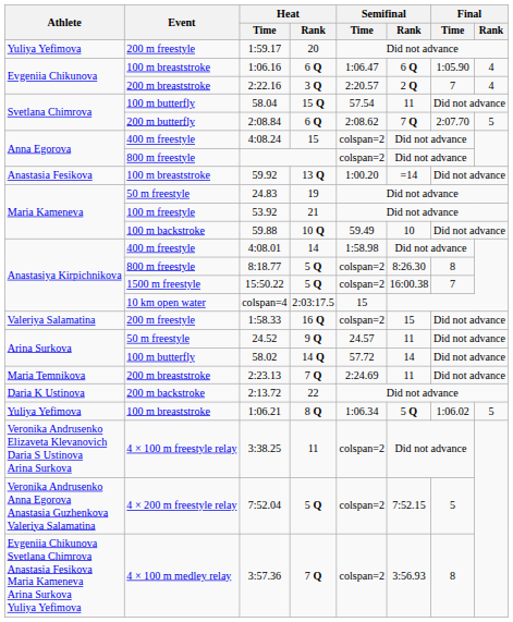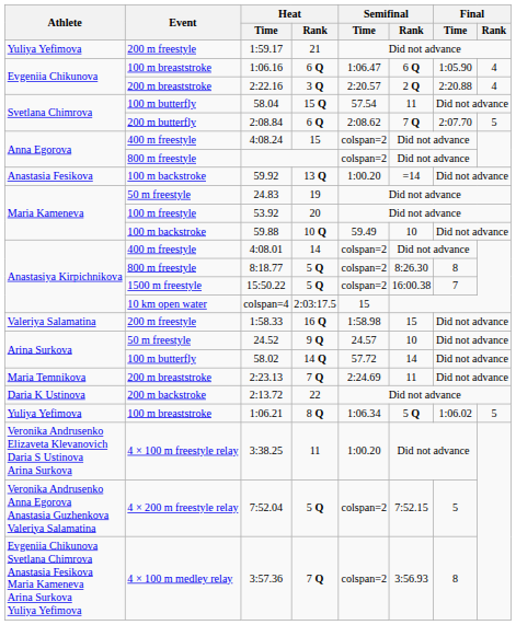 <table class=wikitable style="text-align:center; font-size:90%">
 <tr>
 <th rowspan=2>Athlete</th>
 <th rowspan=2>Event</th>
 <th colspan=2>Heat</th>
 <th colspan=2>Semifinal</th>
 <th colspan=2>Final</th>
 </tr>
 <tr style="font-size:95%">
 <th>Time</th>
 <th>Rank</th>
 <th>Time</th>
 <th>Rank</th>
 <th>Time</th>
 <th>Rank</th>
 </tr>
 <tr>
 <td align=left><a href='#'>Yuliya Yefimova</a></td>
 <td align=left><a href='#'>200 m freestyle</a></td>
 <td>1:59.17</td>
-<td>20</td>
+<td>21</td>
 <td colspan="4">Did not advance</td>
 </tr>
 <tr>
 <td align=left rowspan=2><a href='#'>Evgeniia Chikunova</a></td>
 <td align=left><a href='#'>100 m breaststroke</a></td>
 <td>1:06.16</td>
 <td>6 <strong>Q</strong></td>
 <td>1:06.47</td>
 <td>6 <strong>Q</strong></td>
 <td>1:05.90</td>
 <td>4</td>
 </tr>
 <tr>
 <td align=left><a href='#'>200 m breaststroke</a></td>
 <td>2:22.16</td>
 <td>3 <strong>Q</strong></td>
 <td>2:20.57</td>
 <td>2 <strong>Q</strong></td>
-<td>7</td>
+<td>2:20.88</td>
 <td>4</td>
 </tr>
 <tr>
 <td align=left rowspan=2><a href='#'>Svetlana Chimrova</a></td>
 <td align=left><a href='#'>100 m butterfly</a></td>
 <td>58.04</td>
 <td>15 <strong>Q</strong></td>
 <td>57.54</td>
 <td>11</td>
 <td colspan="2">Did not advance</td>
 </tr>
 <tr>
 <td align=left><a href='#'>200 m butterfly</a></td>
 <td>2:08.84</td>
 <td>6 <strong>Q</strong></td>
 <td>2:08.62</td>
 <td>7 <strong>Q</strong></td>
 <td>2:07.70</td>
 <td>5</td>
 </tr>
 <tr>
 <td align=left rowspan=2><a href='#'>Anna Egorova</a></td>
 <td align=left><a href='#'>400 m freestyle</a></td>
 <td>4:08.24</td>
 <td>15</td>
 <td>colspan=2 </td>
 <td colspan="2">Did not advance</td>
 </tr>
 <tr>
 <td align=left><a href='#'>800 m freestyle</a></td>
 <td colspan=2></td>
 <td>colspan=2 </td>
 <td colspan="2">Did not advance</td>
 </tr>
 <tr>
 <td align=left><a href='#'>Anastasia Fesikova</a></td>
-<td align=left><a href='#'>100 m breaststroke</a></td>
+<td align=left><a href='#'>100 m backstroke</a></td>
 <td>59.92</td>
 <td>13 <strong>Q</strong></td>
 <td>1:00.20</td>
 <td>=14</td>
 <td colspan="2">Did not advance</td>
 </tr>
 <tr>
 <td align=left rowspan=3><a href='#'>Maria Kameneva</a></td>
 <td align=left><a href='#'>50 m freestyle</a></td>
 <td>24.83</td>
 <td>19</td>
 <td colspan="4">Did not advance</td>
 </tr>
 <tr>
 <td align=left><a href='#'>100 m freestyle</a></td>
 <td>53.92</td>
-<td>21</td>
+<td>20</td>
 <td colspan="4">Did not advance</td>
 </tr>
 <tr>
 <td align=left><a href='#'>100 m backstroke</a></td>
 <td>59.88</td>
 <td>10 <strong>Q</strong></td>
 <td>59.49</td>
 <td>10</td>
 <td colspan="2">Did not advance</td>
 </tr>
 <tr>
 <td align=left rowspan=4><a href='#'>Anastasiya Kirpichnikova</a></td>
 <td align=left><a href='#'>400 m freestyle</a></td>
 <td>4:08.01</td>
 <td>14</td>
-<td>1:58.98</td>
+<td>colspan=2 </td>
 <td colspan="2">Did not advance</td>
 </tr>
 <tr>
 <td align=left><a href='#'>800 m freestyle</a></td>
 <td>8:18.77</td>
 <td>5 <strong>Q</strong></td>
 <td>colspan=2 </td>
 <td>8:26.30</td>
 <td>8</td>
 </tr>
 <tr>
 <td align=left><a href='#'>1500 m freestyle</a></td>
 <td>15:50.22</td>
 <td>5 <strong>Q</strong></td>
 <td>colspan=2 </td>
 <td>16:00.38</td>
 <td>7</td>
 </tr>
 <tr>
 <td align=left><a href='#'>10 km open water</a></td>
 <td>colspan=4 </td>
 <td>2:03:17.5</td>
 <td>15</td>
 </tr>
 <tr>
 <td align=left><a href='#'>Valeriya Salamatina</a></td>
 <td align=left><a href='#'>200 m freestyle</a></td>
 <td>1:58.33</td>
 <td>16 <strong>Q</strong></td>
-<td>colspan=2 </td>
+<td>1:58.98</td>
 <td>15</td>
 <td colspan="2">Did not advance</td>
 </tr>
 <tr>
 <td align=left rowspan=2><a href='#'>Arina Surkova</a></td>
 <td align=left><a href='#'>50 m freestyle</a></td>
 <td>24.52</td>
 <td>9 <strong>Q</strong></td>
 <td>24.57</td>
-<td>11</td>
+<td>10</td>
 <td colspan="2">Did not advance</td>
 </tr>
 <tr>
 <td align=left><a href='#'>100 m butterfly</a></td>
 <td>58.02</td>
 <td>14 <strong>Q</strong></td>
 <td>57.72</td>
 <td>14</td>
 <td colspan="2">Did not advance</td>
 </tr>
 <tr>
 <td align=left><a href='#'>Maria Temnikova</a></td>
 <td align=left><a href='#'>200 m breaststroke</a></td>
 <td>2:23.13</td>
 <td>7 <strong>Q</strong></td>
 <td>2:24.69</td>
 <td>11</td>
 <td colspan="2">Did not advance</td>
 </tr>
 <tr>
 <td align=left><a href='#'>Daria K Ustinova</a></td>
 <td align=left><a href='#'>200 m backstroke</a></td>
 <td>2:13.72</td>
 <td>22</td>
 <td colspan="4">Did not advance</td>
 </tr>
 <tr>
 <td align=left><a href='#'>Yuliya Yefimova</a></td>
 <td align=left><a href='#'>100 m breaststroke</a></td>
 <td>1:06.21</td>
 <td>8 <strong>Q</strong></td>
 <td>1:06.34</td>
 <td>5 <strong>Q</strong></td>
 <td>1:06.02</td>
 <td>5</td>
 </tr>
 <tr>
 <td align=left><a href='#'>Veronika Andrusenko</a><br><a href='#'>Elizaveta Klevanovich</a><br><a href='#'>Daria S Ustinova</a><br><a href='#'>Arina Surkova</a></td>
 <td align=left><a href='#'>4 × 100 m freestyle relay</a></td>
 <td>3:38.25</td>
 <td>11</td>
-<td>colspan=2 </td>
+<td>1:00.20</td>
 <td colspan="2">Did not advance</td>
 </tr>
 <tr>
 <td align=left><a href='#'>Veronika Andrusenko</a><br><a href='#'>Anna Egorova</a><br><a href='#'>Anastasia Guzhenkova</a><br><a href='#'>Valeriya Salamatina</a></td>
 <td align=left><a href='#'>4 × 200 m freestyle relay</a></td>
 <td>7:52.04</td>
 <td>5 <strong>Q</strong></td>
 <td>colspan=2 </td>
 <td>7:52.15</td>
 <td>5</td>
 </tr>
 <tr>
 <td align=left><a href='#'>Evgeniia Chikunova</a><br><a href='#'>Svetlana Chimrova</a><br><a href='#'>Anastasia Fesikova</a><br><a href='#'>Maria Kameneva</a><br><a href='#'>Arina Surkova</a><br><a href='#'>Yuliya Yefimova</a></td>
 <td align=left><a href='#'>4 × 100 m medley relay</a></td>
 <td>3:57.36</td>
 <td>7 <strong>Q</strong></td>
 <td>colspan=2 </td>
 <td>3:56.93</td>
 <td>8</td>
 </tr>
 </table>
